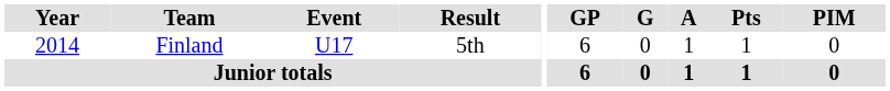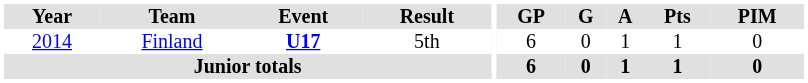 <table border="0" cellpadding="1" cellspacing="0" ID="Table3" style="text-align:center; width:40em">
 <tr ALIGN="center" bgcolor="#e0e0e0">
 <th>Year</th>
 <th>Team</th>
 <th>Event</th>
 <th>Result</th>
 <th rowspan="99" bgcolor="#ffffff"></th>
 <th>GP</th>
 <th>G</th>
 <th>A</th>
 <th>Pts</th>
 <th>PIM</th>
 </tr>
 <tr>
 <td><a href='#'>2014</a></td>
 <td><a href='#'>Finland</a></td>
-<td><a href='#'>U17</a></td>
+<td><strong><a href='#'>U17</a></strong></td>
 <td>5th</td>
 <td>6</td>
 <td>0</td>
 <td>1</td>
 <td>1</td>
 <td>0</td>
 </tr>
 <tr bgcolor="#e0e0e0">
 <th colspan="4">Junior totals</th>
 <th>6</th>
 <th>0</th>
 <th>1</th>
 <th>1</th>
 <th>0</th>
 </tr>
 </table>
